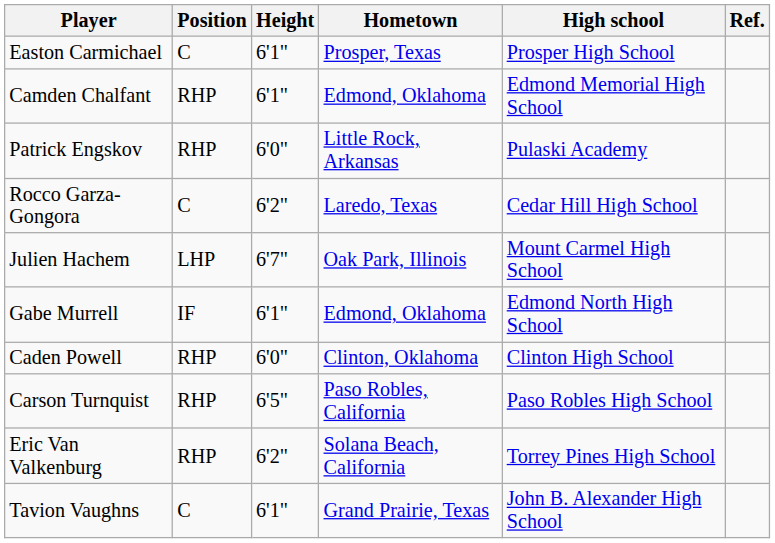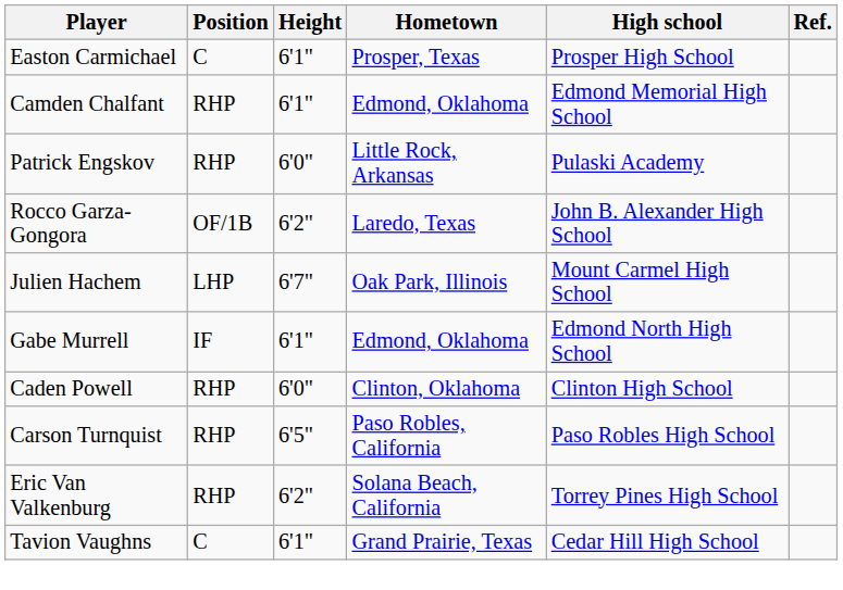 <table class="wikitable sortable">
 <tr>
 <th style="text-align:center; ">Player</th>
 <th style="text-align:center; ">Position</th>
 <th style="text-align:center; ">Height</th>
 <th style="text-align:center; ">Hometown</th>
 <th style="text-align:center; ">High school</th>
 <th style="text-align:center; ">Ref.</th>
 </tr>
 <tr>
 <td>Easton Carmichael</td>
 <td>C</td>
 <td>6'1"</td>
 <td><a href='#'>Prosper, Texas</a></td>
 <td><a href='#'>Prosper High School</a></td>
 <td></td>
 </tr>
 <tr>
 <td>Camden Chalfant</td>
 <td>RHP</td>
 <td>6'1"</td>
 <td><a href='#'>Edmond, Oklahoma</a></td>
 <td><a href='#'>Edmond Memorial High School</a></td>
 <td></td>
 </tr>
 <tr>
 <td>Patrick Engskov</td>
 <td>RHP</td>
 <td>6'0"</td>
 <td><a href='#'>Little Rock, Arkansas</a></td>
 <td><a href='#'>Pulaski Academy</a></td>
 <td></td>
 </tr>
 <tr>
 <td>Rocco Garza-Gongora</td>
-<td>C</td>
+<td>OF/1B</td>
 <td>6'2"</td>
 <td><a href='#'>Laredo, Texas</a></td>
-<td><a href='#'>Cedar Hill High School</a></td>
+<td><a href='#'>John B. Alexander High School</a></td>
 <td></td>
 </tr>
 <tr>
 <td>Julien Hachem</td>
 <td>LHP</td>
 <td>6'7"</td>
 <td><a href='#'>Oak Park, Illinois</a></td>
 <td><a href='#'>Mount Carmel High School</a></td>
 <td></td>
 </tr>
 <tr>
 <td>Gabe Murrell</td>
 <td>IF</td>
 <td>6'1"</td>
 <td><a href='#'>Edmond, Oklahoma</a></td>
 <td><a href='#'>Edmond North High School</a></td>
 <td></td>
 </tr>
 <tr>
 <td>Caden Powell</td>
 <td>RHP</td>
 <td>6'0"</td>
 <td><a href='#'>Clinton, Oklahoma</a></td>
 <td><a href='#'>Clinton High School</a></td>
 <td></td>
 </tr>
 <tr>
 <td>Carson Turnquist</td>
 <td>RHP</td>
 <td>6'5"</td>
 <td><a href='#'>Paso Robles, California</a></td>
 <td><a href='#'>Paso Robles High School</a></td>
 <td></td>
 </tr>
 <tr>
 <td>Eric Van Valkenburg</td>
 <td>RHP</td>
 <td>6'2"</td>
 <td><a href='#'>Solana Beach, California</a></td>
 <td><a href='#'>Torrey Pines High School</a></td>
 <td></td>
 </tr>
 <tr>
 <td>Tavion Vaughns</td>
 <td>C</td>
 <td>6'1"</td>
 <td><a href='#'>Grand Prairie, Texas</a></td>
-<td><a href='#'>John B. Alexander High School</a></td>
+<td><a href='#'>Cedar Hill High School</a></td>
 <td></td>
 </tr>
 </table>
